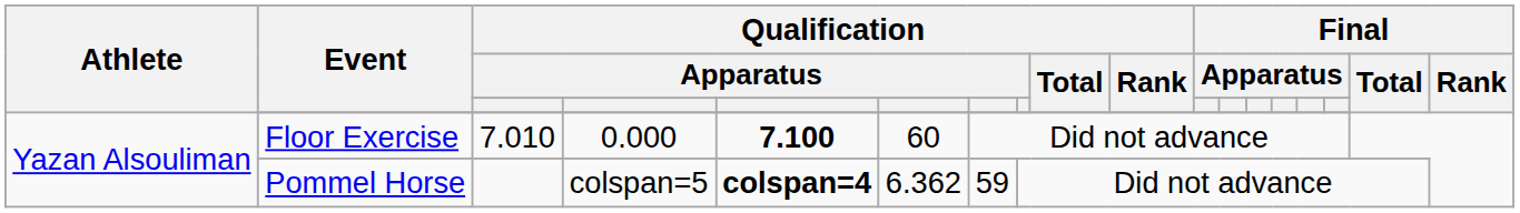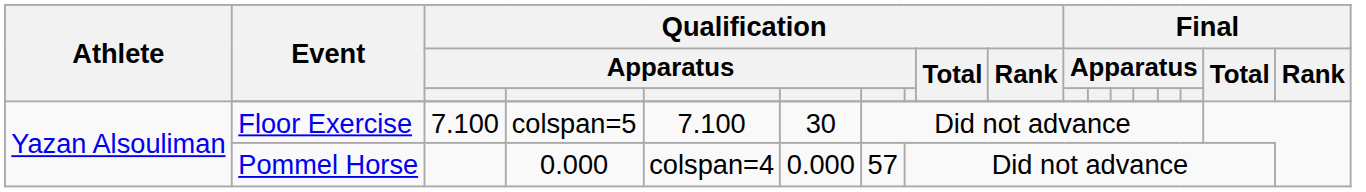 <table class="wikitable" style="font-size:90%">
 <tr>
 <th rowspan=3>Athlete</th>
 <th rowspan=3>Event</th>
 <th colspan=8>Qualification</th>
 <th colspan=8>Final</th>
 </tr>
 <tr style="font-size:95%">
 <th colspan=6>Apparatus</th>
 <th rowspan=2>Total</th>
 <th rowspan=2>Rank</th>
 <th colspan=6>Apparatus</th>
 <th rowspan=2>Total</th>
 <th rowspan=2>Rank</th>
 </tr>
 <tr style="font-size:95%">
 <th></th>
 <th></th>
 <th></th>
 <th></th>
 <th></th>
 <th></th>
 <th></th>
 <th></th>
 <th></th>
 <th></th>
 <th></th>
 <th></th>
 </tr>
 <tr align=center>
 <td align=left rowspan=3><a href='#'>Yazan Alsouliman</a></td>
 </tr>
 <tr align=center>
 <td align=left><a href='#'>Floor Exercise</a></td>
-<td>7.010</td>
-<td>0.000</td>
-<td><strong>7.100</strong></td>
-<td>60</td>
+<td>7.100</td>
+<td>colspan=5 </td>
+<td>7.100</td>
+<td>30</td>
 <td colspan=10>Did not advance</td>
 </tr>
 <tr align=center>
 <td align=left><a href='#'>Pommel Horse</a></td>
 <td></td>
-<td>colspan=5 </td>
-<td><strong>colspan=4 </strong></td>
-<td>6.362</td>
-<td>59</td>
+<td>0.000</td>
+<td>colspan=4 </td>
+<td>0.000</td>
+<td>57</td>
 <td colspan=10>Did not advance</td>
 </tr>
 </table>
